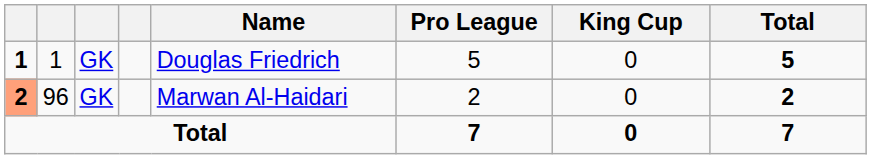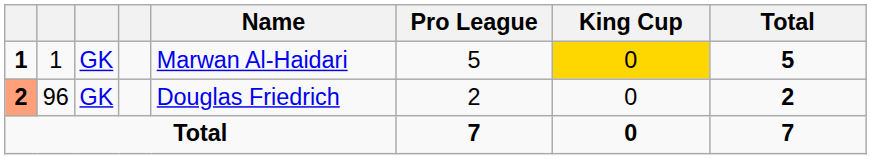 <table class="wikitable" style="text-align:center">
 <tr>
 <th width=15></th>
 <th width=15></th>
 <th width=15></th>
 <th width=15></th>
 <th width=160>Name</th>
 <th width=100>Pro League</th>
 <th width=100>King Cup</th>
 <th width=100>Total</th>
 </tr>
 <tr>
 <td><strong>1</strong></td>
 <td>1</td>
 <td><a href='#'>GK</a></td>
 <td></td>
-<td align=left><a href='#'>Douglas Friedrich</a></td>
+<td align=left><a href='#'>Marwan Al-Haidari</a></td>
 <td>5</td>
-<td>0</td>
+<td style="background: gold;">0</td>
 <td><strong>5</strong></td>
 </tr>
 <tr>
 <td style="background: lightsalmon;"><strong>2</strong></td>
 <td>96</td>
 <td><a href='#'>GK</a></td>
 <td></td>
-<td align=left><a href='#'>Marwan Al-Haidari</a></td>
+<td align=left><a href='#'>Douglas Friedrich</a></td>
 <td>2</td>
 <td>0</td>
 <td><strong>2</strong></td>
 </tr>
 <tr>
 <td colspan=5><strong>Total</strong></td>
 <td><strong>7</strong></td>
 <td><strong>0</strong></td>
 <td><strong>7</strong></td>
 </tr>
 </table>
